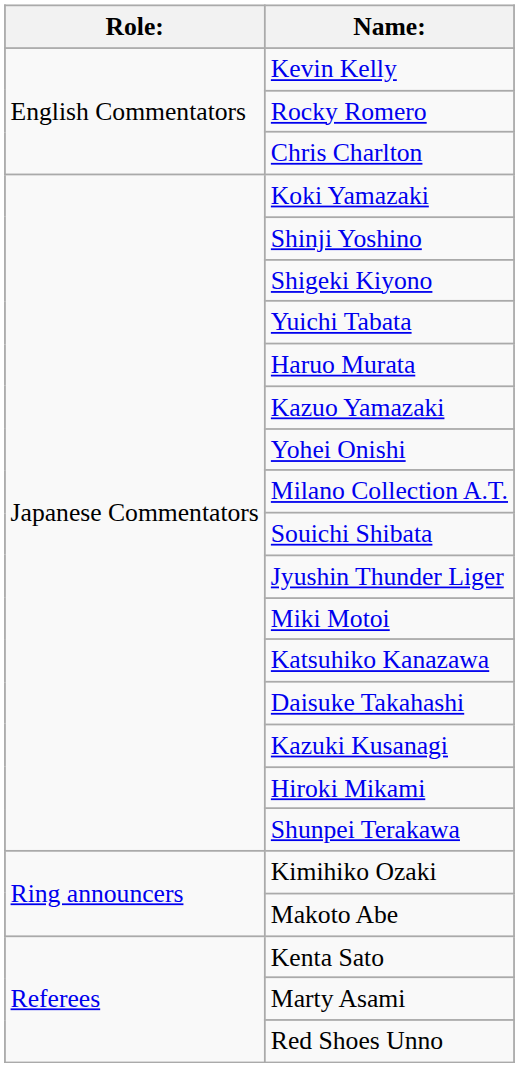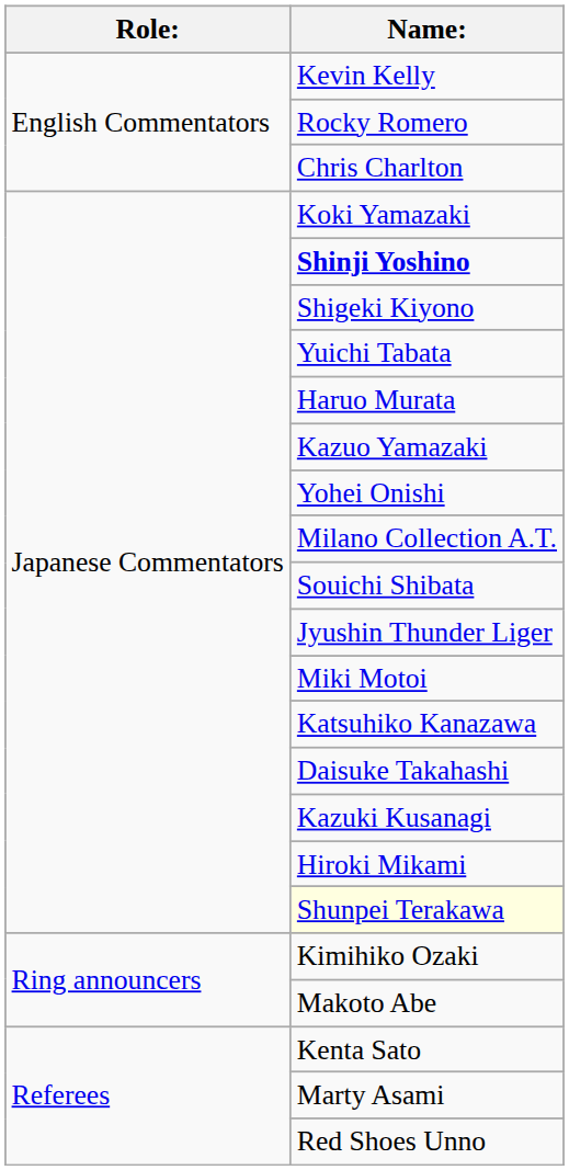 <table class=wikitable style="font-size:90%; margin: 0.5em 0 0.5em 1em; float: right; clear: right;">
 <tr>
 <th>Role:</th>
 <th>Name:</th>
 </tr>
 <tr>
 <td rowspan="3">English Commentators</td>
 <td><a href='#'>Kevin Kelly</a> </td>
 </tr>
 <tr>
 <td><a href='#'>Rocky Romero</a> </td>
 </tr>
 <tr>
 <td><a href='#'>Chris Charlton</a> </td>
 </tr>
 <tr>
 <td rowspan="16">Japanese Commentators</td>
 <td><a href='#'>Koki Yamazaki</a> </td>
 </tr>
 <tr>
-<td><a href='#'>Shinji Yoshino</a> </td>
+<td><strong><a href='#'>Shinji Yoshino</a> </strong></td>
 </tr>
 <tr>
 <td><a href='#'>Shigeki Kiyono</a> </td>
 </tr>
 <tr>
 <td><a href='#'>Yuichi Tabata</a> </td>
 </tr>
 <tr>
 <td><a href='#'>Haruo Murata</a> </td>
 </tr>
 <tr>
 <td><a href='#'>Kazuo Yamazaki</a> </td>
 </tr>
 <tr>
 <td><a href='#'>Yohei Onishi</a> </td>
 </tr>
 <tr>
 <td><a href='#'>Milano Collection A.T.</a></td>
 </tr>
 <tr>
 <td><a href='#'>Souichi Shibata</a> </td>
 </tr>
 <tr>
 <td><a href='#'>Jyushin Thunder Liger</a> </td>
 </tr>
 <tr>
 <td><a href='#'>Miki Motoi</a> </td>
 </tr>
 <tr>
 <td><a href='#'>Katsuhiko Kanazawa</a> </td>
 </tr>
 <tr>
 <td><a href='#'>Daisuke Takahashi</a> </td>
 </tr>
 <tr>
 <td><a href='#'>Kazuki Kusanagi</a> </td>
 </tr>
 <tr>
 <td><a href='#'>Hiroki Mikami</a> </td>
 </tr>
 <tr>
-<td><a href='#'>Shunpei Terakawa</a> </td>
+<td style="background: lightyellow;"><a href='#'>Shunpei Terakawa</a> </td>
 </tr>
 <tr>
 <td rowspan=2><a href='#'>Ring announcers</a></td>
 <td>Kimihiko Ozaki</td>
 </tr>
 <tr>
 <td>Makoto Abe</td>
 </tr>
 <tr>
 <td rowspan="3"><a href='#'>Referees</a></td>
 <td>Kenta Sato</td>
 </tr>
 <tr>
 <td>Marty Asami</td>
 </tr>
 <tr>
 <td>Red Shoes Unno</td>
 </tr>
 <tr>
 </tr>
 </table>
